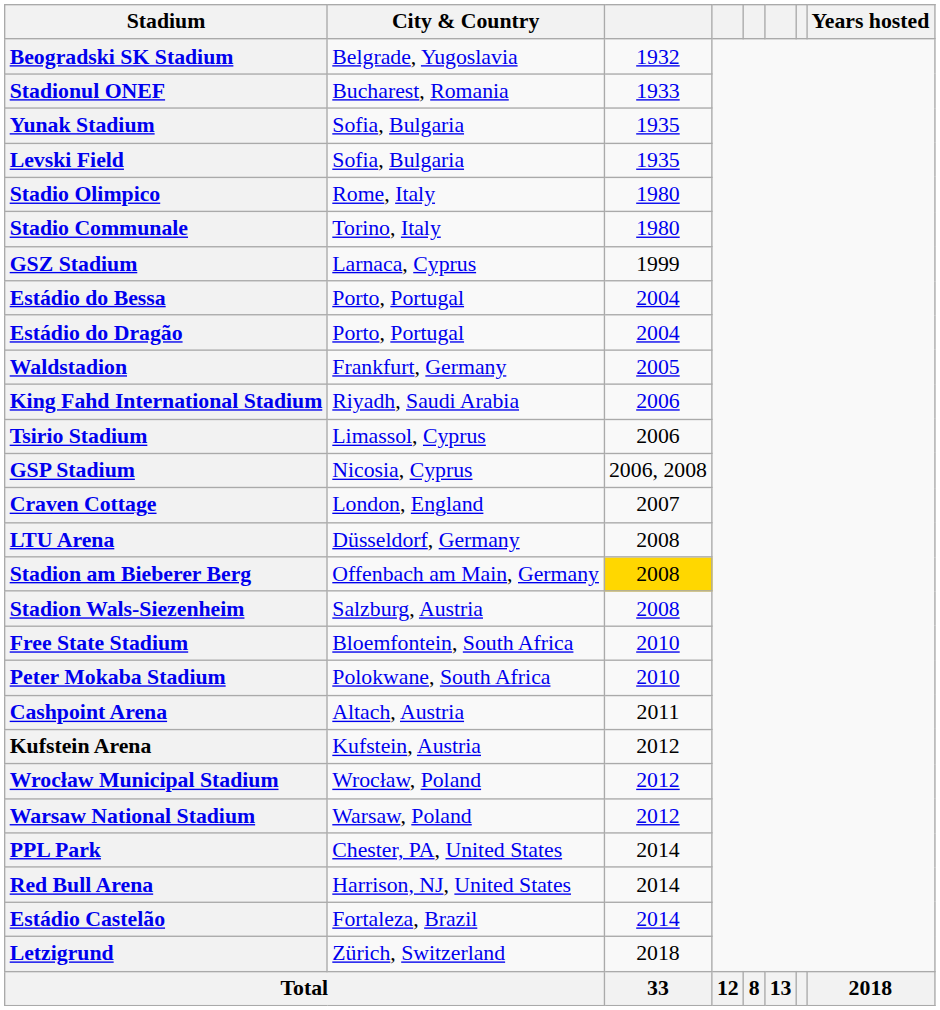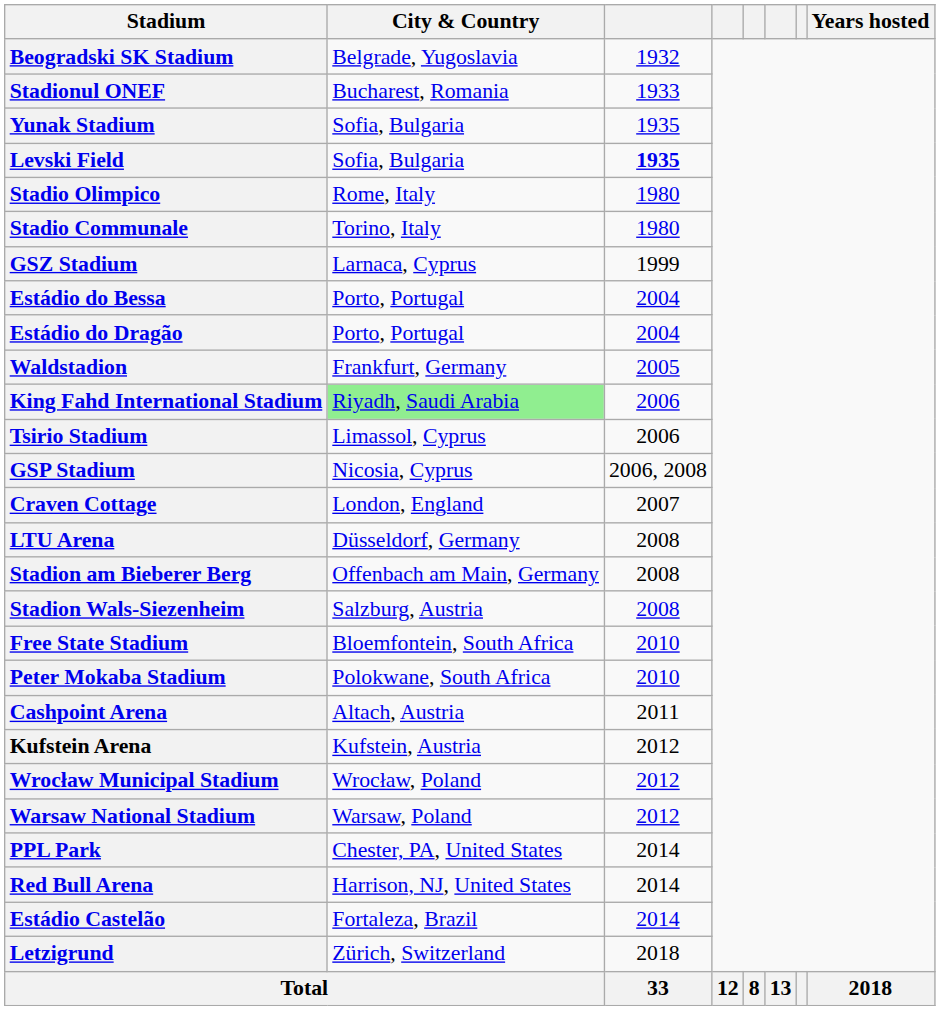 <table class="wikitable sortable plainrowheaders" cellpadding="3" style="text-align: center;">
 <tr>
 <th scope="col">Stadium</th>
 <th scope="col">City & Country</th>
 <th></th>
 <th></th>
 <th></th>
 <th></th>
 <th></th>
 <th scope="col">Years hosted</th>
 </tr>
 <tr>
 <th scope="row" style="text-align: left;"><a href='#'>Beogradski SK Stadium</a></th>
 <td style="text-align: left;"><a href='#'>Belgrade</a>, <a href='#'>Yugoslavia</a><br></td>
 <td><a href='#'>1932</a></td>
 </tr>
 <tr>
 <th scope="row" style="text-align: left;"><a href='#'>Stadionul ONEF</a></th>
 <td style="text-align: left;"><a href='#'>Bucharest</a>, <a href='#'>Romania</a><br></td>
 <td><a href='#'>1933</a></td>
 </tr>
 <tr>
 <th scope="row" style="text-align: left;"><a href='#'>Yunak Stadium</a></th>
 <td style="text-align: left;"><a href='#'>Sofia</a>, <a href='#'>Bulgaria</a><br></td>
 <td><a href='#'>1935</a></td>
 </tr>
 <tr>
 <th scope="row" style="text-align: left;"><a href='#'>Levski Field</a></th>
 <td style="text-align: left;"><a href='#'>Sofia</a>, <a href='#'>Bulgaria</a><br></td>
-<td><a href='#'>1935</a></td>
+<td><strong><a href='#'>1935</a></strong></td>
 </tr>
 <tr>
 <th scope="row" style="text-align: left;"><a href='#'>Stadio Olimpico</a></th>
 <td style="text-align: left;"><a href='#'>Rome</a>, <a href='#'>Italy</a><br></td>
 <td><a href='#'>1980</a></td>
 </tr>
 <tr>
 <th scope="row" style="text-align: left;"><a href='#'>Stadio Communale</a></th>
 <td style="text-align: left;"><a href='#'>Torino</a>, <a href='#'>Italy</a><br></td>
 <td><a href='#'>1980</a></td>
 </tr>
 <tr>
 <th scope="row" style="text-align: left;"><a href='#'>GSZ Stadium</a></th>
 <td style="text-align: left;"><a href='#'>Larnaca</a>, <a href='#'>Cyprus</a><br></td>
 <td>1999</td>
 </tr>
 <tr>
 <th scope="row" style="text-align: left;"><a href='#'>Estádio do Bessa</a></th>
 <td style="text-align: left;"><a href='#'>Porto</a>, <a href='#'>Portugal</a><br></td>
 <td><a href='#'>2004</a></td>
 </tr>
 <tr>
 <th scope="row" style="text-align: left;"><a href='#'>Estádio do Dragão</a></th>
 <td style="text-align: left;"><a href='#'>Porto</a>, <a href='#'>Portugal</a><br></td>
 <td><a href='#'>2004</a></td>
 </tr>
 <tr>
 <th scope="row" style="text-align: left;"><a href='#'>Waldstadion</a></th>
 <td style="text-align: left;"><a href='#'>Frankfurt</a>, <a href='#'>Germany</a><br></td>
 <td><a href='#'>2005</a></td>
 </tr>
 <tr>
 <th scope="row" style="text-align: left;"><a href='#'>King Fahd International Stadium</a></th>
-<td style="text-align: left;"><a href='#'>Riyadh</a>, <a href='#'>Saudi Arabia</a><br></td>
+<td style="background: lightgreen; text-align: left;"><a href='#'>Riyadh</a>, <a href='#'>Saudi Arabia</a><br></td>
 <td><a href='#'>2006</a></td>
 </tr>
 <tr>
 <th scope="row" style="text-align: left;"><a href='#'>Tsirio Stadium</a></th>
 <td style="text-align: left;"><a href='#'>Limassol</a>, <a href='#'>Cyprus</a><br></td>
 <td>2006</td>
 </tr>
 <tr>
 <th scope="row" style="text-align: left;"><a href='#'>GSP Stadium</a></th>
 <td style="text-align: left;"><a href='#'>Nicosia</a>, <a href='#'>Cyprus</a><br></td>
 <td>2006, 2008</td>
 </tr>
 <tr>
 <th scope="row" style="text-align: left;"><a href='#'>Craven Cottage</a></th>
 <td style="text-align: left;"><a href='#'>London</a>, <a href='#'>England</a><br></td>
 <td>2007</td>
 </tr>
 <tr>
 <th scope="row" style="text-align: left;"><a href='#'>LTU Arena</a></th>
 <td style="text-align: left;"><a href='#'>Düsseldorf</a>, <a href='#'>Germany</a><br></td>
 <td>2008</td>
 </tr>
 <tr>
 <th scope="row" style="text-align: left;"><a href='#'>Stadion am Bieberer Berg</a></th>
 <td style="text-align: left;"><a href='#'>Offenbach am Main</a>, <a href='#'>Germany</a><br></td>
-<td style="background: gold;">2008</td>
+<td>2008</td>
 </tr>
 <tr>
 <th scope="row" style="text-align: left;"><a href='#'>Stadion Wals-Siezenheim</a></th>
 <td style="text-align: left;"><a href='#'>Salzburg</a>, <a href='#'>Austria</a><br></td>
 <td><a href='#'>2008</a></td>
 </tr>
 <tr>
 <th scope="row" style="text-align: left;"><a href='#'>Free State Stadium</a></th>
 <td style="text-align: left;"><a href='#'>Bloemfontein</a>, <a href='#'>South Africa</a><br></td>
 <td><a href='#'>2010</a></td>
 </tr>
 <tr>
 <th scope="row" style="text-align: left;"><a href='#'>Peter Mokaba Stadium</a></th>
 <td style="text-align: left;"><a href='#'>Polokwane</a>, <a href='#'>South Africa</a><br></td>
 <td><a href='#'>2010</a></td>
 </tr>
 <tr>
 <th scope="row" style="text-align: left;"><a href='#'>Cashpoint Arena</a></th>
 <td style="text-align: left;"><a href='#'>Altach</a>, <a href='#'>Austria</a><br></td>
 <td>2011</td>
 </tr>
 <tr>
 <th scope="row" style="text-align: left;">Kufstein Arena</th>
 <td style="text-align: left;"><a href='#'>Kufstein</a>, <a href='#'>Austria</a><br></td>
 <td>2012</td>
 </tr>
 <tr>
 <th scope="row" style="text-align: left;"><a href='#'>Wrocław Municipal Stadium</a></th>
 <td style="text-align: left;"><a href='#'>Wrocław</a>, <a href='#'>Poland</a><br></td>
 <td><a href='#'>2012</a></td>
 </tr>
 <tr>
 <th scope="row" style="text-align: left;"><a href='#'>Warsaw National Stadium</a></th>
 <td style="text-align: left;"><a href='#'>Warsaw</a>, <a href='#'>Poland</a><br></td>
 <td><a href='#'>2012</a></td>
 </tr>
 <tr>
 <th scope="row" style="text-align: left;"><a href='#'>PPL Park</a></th>
 <td style="text-align: left;"><a href='#'>Chester, PA</a>, <a href='#'>United States</a><br></td>
 <td>2014</td>
 </tr>
 <tr>
 <th scope="row" style="text-align: left;"><a href='#'>Red Bull Arena</a></th>
 <td style="text-align: left;"><a href='#'>Harrison, NJ</a>, <a href='#'>United States</a><br></td>
 <td>2014</td>
 </tr>
 <tr>
 <th scope="row" style="text-align: left;"><a href='#'>Estádio Castelão</a></th>
 <td style="text-align: left;"><a href='#'>Fortaleza</a>, <a href='#'>Brazil</a><br></td>
 <td><a href='#'>2014</a></td>
 </tr>
 <tr>
 <th scope="row" style="text-align: left;"><a href='#'>Letzigrund</a></th>
 <td style="text-align: left;"><a href='#'>Zürich</a>, <a href='#'>Switzerland</a><br></td>
 <td>2018</td>
 </tr>
 <tr>
 <th colspan=2>Total</th>
 <th>33</th>
 <th>12</th>
 <th>8</th>
 <th>13</th>
 <th></th>
 <th>2018</th>
 </tr>
 </table>
